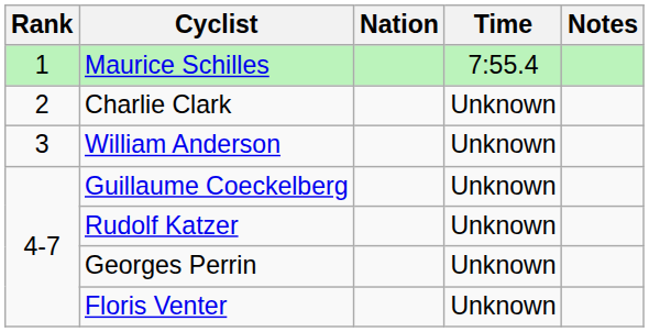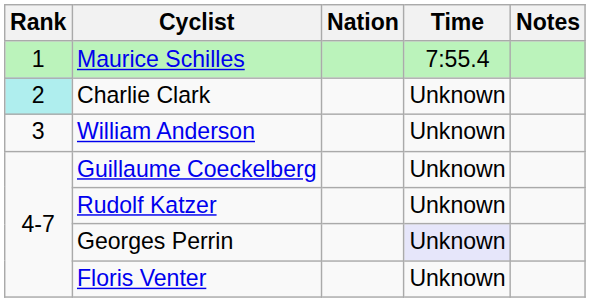 <table class="wikitable sortable">
 <tr>
 <th>Rank</th>
 <th>Cyclist</th>
 <th>Nation</th>
 <th>Time</th>
 <th>Notes</th>
 </tr>
 <tr bgcolor=bbf3bb>
 <td align=center>1</td>
 <td><a href='#'>Maurice Schilles</a></td>
 <td></td>
 <td align=center>7:55.4</td>
 <td align=center></td>
 </tr>
 <tr>
-<td align=center>2</td>
+<td align=center style="background: paleturquoise;">2</td>
 <td>Charlie Clark</td>
 <td></td>
 <td align=center>Unknown</td>
 <td></td>
 </tr>
 <tr>
 <td align=center>3</td>
 <td><a href='#'>William Anderson</a></td>
 <td></td>
 <td align=center>Unknown</td>
 <td></td>
 </tr>
 <tr>
 <td align=center rowspan=4>4-7</td>
 <td><a href='#'>Guillaume Coeckelberg</a></td>
 <td></td>
 <td align=center>Unknown</td>
 <td></td>
 </tr>
 <tr>
 <td><a href='#'>Rudolf Katzer</a></td>
 <td></td>
 <td align=center>Unknown</td>
 <td></td>
 </tr>
 <tr>
 <td>Georges Perrin</td>
 <td></td>
-<td align=center>Unknown</td>
+<td align=center style="background: lavender;">Unknown</td>
 <td></td>
 </tr>
 <tr>
 <td><a href='#'>Floris Venter</a></td>
 <td></td>
 <td align=center>Unknown</td>
 <td></td>
 </tr>
 </table>
